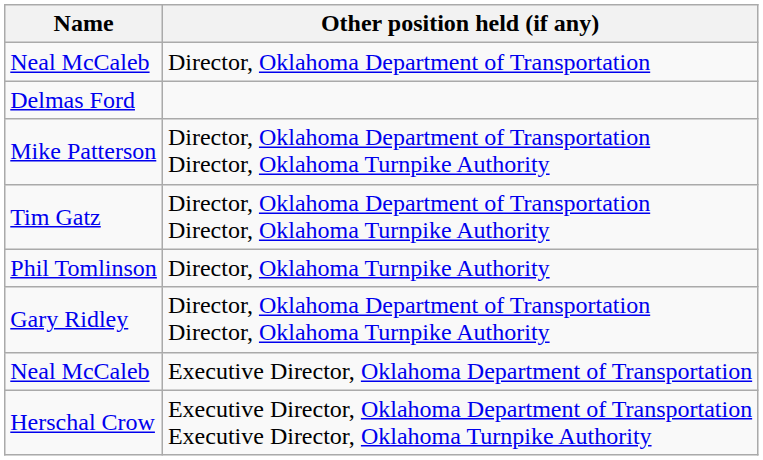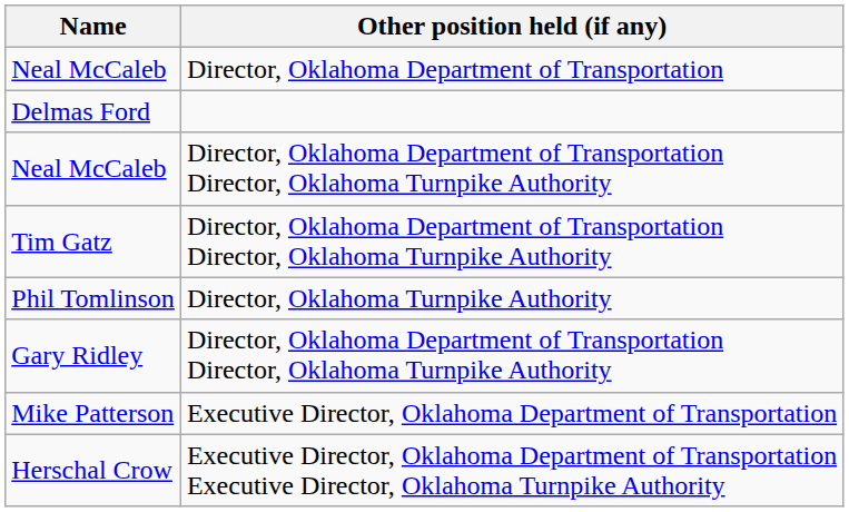 <table class="wikitable">
 <tr>
 <th>Name</th>
 <th>Other position held (if any)</th>
 </tr>
 <tr>
 <td><a href='#'>Neal McCaleb</a></td>
 <td>Director, <a href='#'>Oklahoma Department of Transportation</a></td>
 </tr>
 <tr>
 <td><a href='#'>Delmas Ford</a></td>
 <td></td>
 </tr>
 <tr>
-<td><a href='#'>Mike Patterson</a></td>
+<td><a href='#'>Neal McCaleb</a></td>
 <td>Director, <a href='#'>Oklahoma Department of Transportation</a><br>Director, <a href='#'>Oklahoma Turnpike Authority</a></td>
 </tr>
 <tr>
 <td><a href='#'>Tim Gatz</a></td>
 <td>Director, <a href='#'>Oklahoma Department of Transportation</a><br>Director, <a href='#'>Oklahoma Turnpike Authority</a></td>
 </tr>
 <tr>
 <td><a href='#'>Phil Tomlinson</a></td>
 <td>Director, <a href='#'>Oklahoma Turnpike Authority</a></td>
 </tr>
 <tr>
 <td><a href='#'>Gary Ridley</a></td>
 <td>Director, <a href='#'>Oklahoma Department of Transportation</a><br>Director, <a href='#'>Oklahoma Turnpike Authority</a></td>
 </tr>
 <tr>
-<td><a href='#'>Neal McCaleb</a></td>
+<td><a href='#'>Mike Patterson</a></td>
 <td>Executive Director, <a href='#'>Oklahoma Department of Transportation</a></td>
 </tr>
 <tr>
 <td><a href='#'>Herschal Crow</a></td>
 <td>Executive Director, <a href='#'>Oklahoma Department of Transportation</a><br>Executive Director, <a href='#'>Oklahoma Turnpike Authority</a></td>
 </tr>
 </table>
